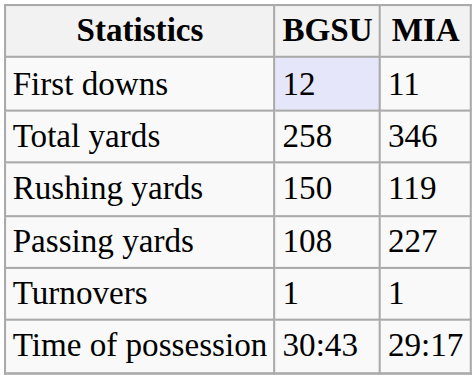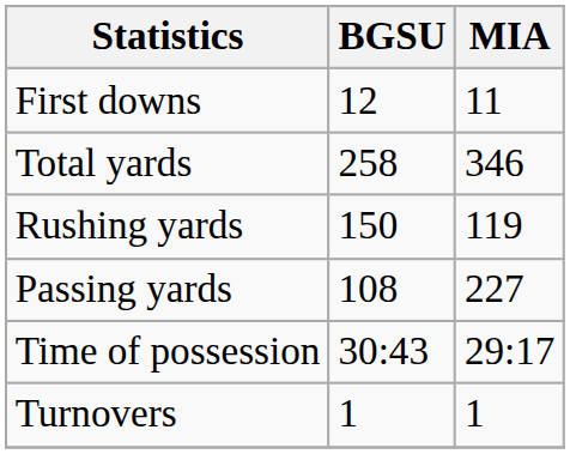 <table class="wikitable">
 <tr>
 <th>Statistics</th>
 <th>BGSU</th>
 <th>MIA</th>
 </tr>
 <tr>
 <td>First downs</td>
-<td style="background: lavender;">12</td>
+<td>12</td>
 <td>11</td>
 </tr>
 <tr>
 <td>Total yards</td>
 <td>258</td>
 <td>346</td>
 </tr>
 <tr>
 <td>Rushing yards</td>
 <td>150</td>
 <td>119</td>
 </tr>
 <tr>
 <td>Passing yards</td>
 <td>108</td>
 <td>227</td>
 </tr>
 <tr>
+<td>Time of possession</td>
+<td>30:43</td>
+<td>29:17</td>
+</tr>
+<tr>
 <td>Turnovers</td>
 <td>1</td>
 <td>1</td>
 </tr>
 <tr>
-<td>Time of possession</td>
-<td>30:43</td>
-<td>29:17</td>
-</tr>
-<tr>
 </tr>
 </table>
